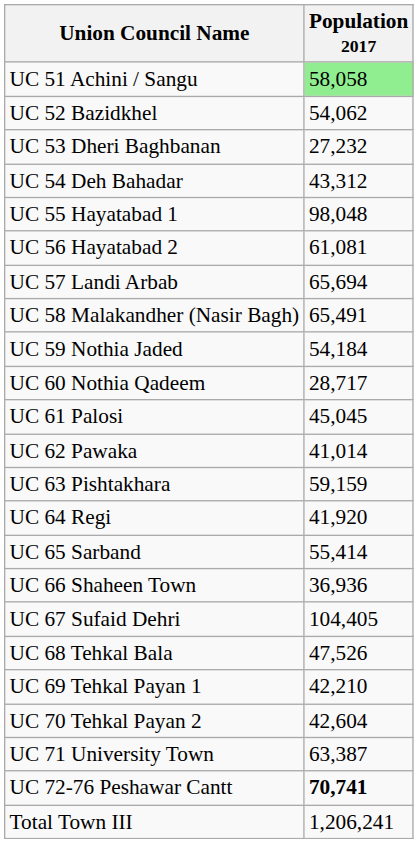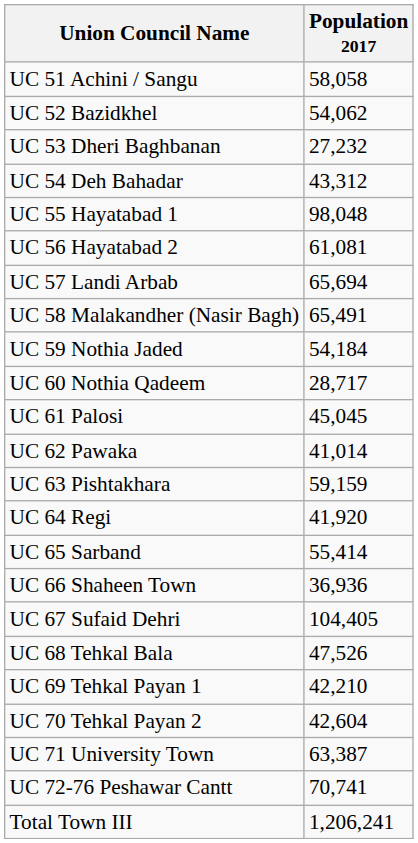 <table class="sortable wikitable">
 <tr>
 <th>Union Council Name</th>
 <th>Population <br><small>2017</small></th>
 </tr>
 <tr>
 <td>UC 51 Achini / Sangu</td>
-<td style="background: lightgreen;"><div>58,058</div></td>
+<td><div>58,058</div></td>
 </tr>
 <tr>
 <td>UC 52 Bazidkhel</td>
 <td><div>54,062</div></td>
 </tr>
 <tr>
 <td>UC 53 Dheri Baghbanan</td>
 <td><div>27,232</div></td>
 </tr>
 <tr>
 <td>UC 54 Deh Bahadar</td>
 <td><div>43,312</div></td>
 </tr>
 <tr>
 <td>UC 55 Hayatabad 1</td>
 <td><div>98,048</div></td>
 </tr>
 <tr>
 <td>UC 56 Hayatabad 2</td>
 <td><div>61,081</div></td>
 </tr>
 <tr>
 <td>UC 57 Landi Arbab</td>
 <td><div>65,694</div></td>
 </tr>
 <tr>
 <td>UC 58 Malakandher (Nasir Bagh)</td>
 <td><div>65,491</div></td>
 </tr>
 <tr>
 <td>UC 59 Nothia Jaded</td>
 <td><div>54,184</div></td>
 </tr>
 <tr>
 <td>UC 60 Nothia Qadeem</td>
 <td><div>28,717</div></td>
 </tr>
 <tr>
 <td>UC 61 Palosi</td>
 <td><div>45,045</div></td>
 </tr>
 <tr>
 <td>UC 62 Pawaka</td>
 <td><div>41,014</div></td>
 </tr>
 <tr>
 <td>UC 63 Pishtakhara</td>
 <td><div>59,159</div></td>
 </tr>
 <tr>
 <td>UC 64 Regi</td>
 <td><div>41,920</div></td>
 </tr>
 <tr>
 <td>UC 65 Sarband</td>
 <td><div>55,414</div></td>
 </tr>
 <tr>
 <td>UC 66 Shaheen Town</td>
 <td><div>36,936</div></td>
 </tr>
 <tr>
 <td>UC 67 Sufaid Dehri</td>
 <td><div>104,405</div></td>
 </tr>
 <tr>
 <td>UC 68 Tehkal Bala</td>
 <td><div>47,526</div></td>
 </tr>
 <tr>
 <td>UC 69 Tehkal Payan 1</td>
 <td><div>42,210 </div></td>
 </tr>
 <tr>
 <td>UC 70 Tehkal Payan 2</td>
 <td><div>42,604</div></td>
 </tr>
 <tr>
 <td>UC 71 University Town</td>
 <td><div>63,387</div></td>
 </tr>
 <tr>
 <td>UC 72-76 Peshawar Cantt</td>
-<td><strong><div>70,741</div></strong></td>
+<td><div>70,741</div></td>
 </tr>
 <tr>
 <td>Total Town III</td>
 <td><div>1,206,241</div></td>
 </tr>
 </table>
